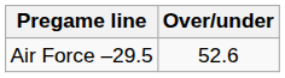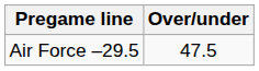 <table class="wikitable">
 <tr align="center">
 <th>Pregame line</th>
 <th>Over/under</th>
 </tr>
 <tr align="center">
 <td>Air Force –29.5</td>
-<td>52.6</td>
+<td>47.5</td>
 </tr>
 </table>
